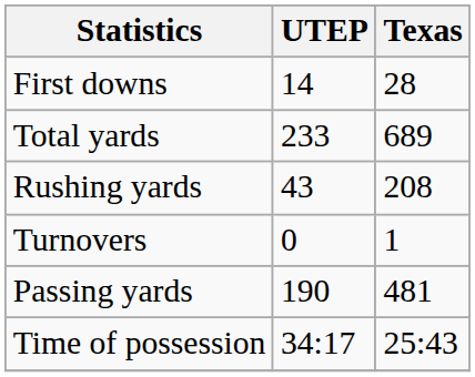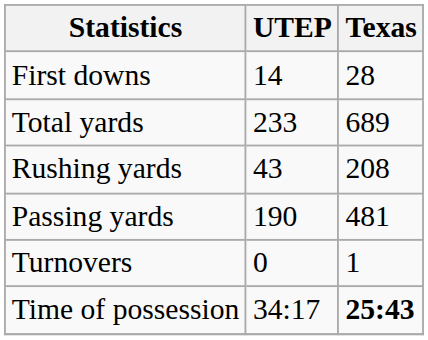 <table class="wikitable">
 <tr>
 <th>Statistics</th>
 <th>UTEP</th>
 <th>Texas</th>
 </tr>
 <tr>
 <td>First downs</td>
 <td>14</td>
 <td>28</td>
 </tr>
 <tr>
 <td>Total yards</td>
 <td>233</td>
 <td>689</td>
 </tr>
 <tr>
 <td>Rushing yards</td>
 <td>43</td>
 <td>208</td>
 </tr>
 <tr>
+<td>Passing yards</td>
+<td>190</td>
+<td>481</td>
+</tr>
+<tr>
 <td>Turnovers</td>
 <td>0</td>
 <td>1</td>
 </tr>
 <tr>
-<td>Passing yards</td>
-<td>190</td>
-<td>481</td>
-</tr>
-<tr>
 <td>Time of possession</td>
 <td>34:17</td>
-<td>25:43</td>
+<td><strong>25:43</strong></td>
 </tr>
 <tr>
 </tr>
 </table>
